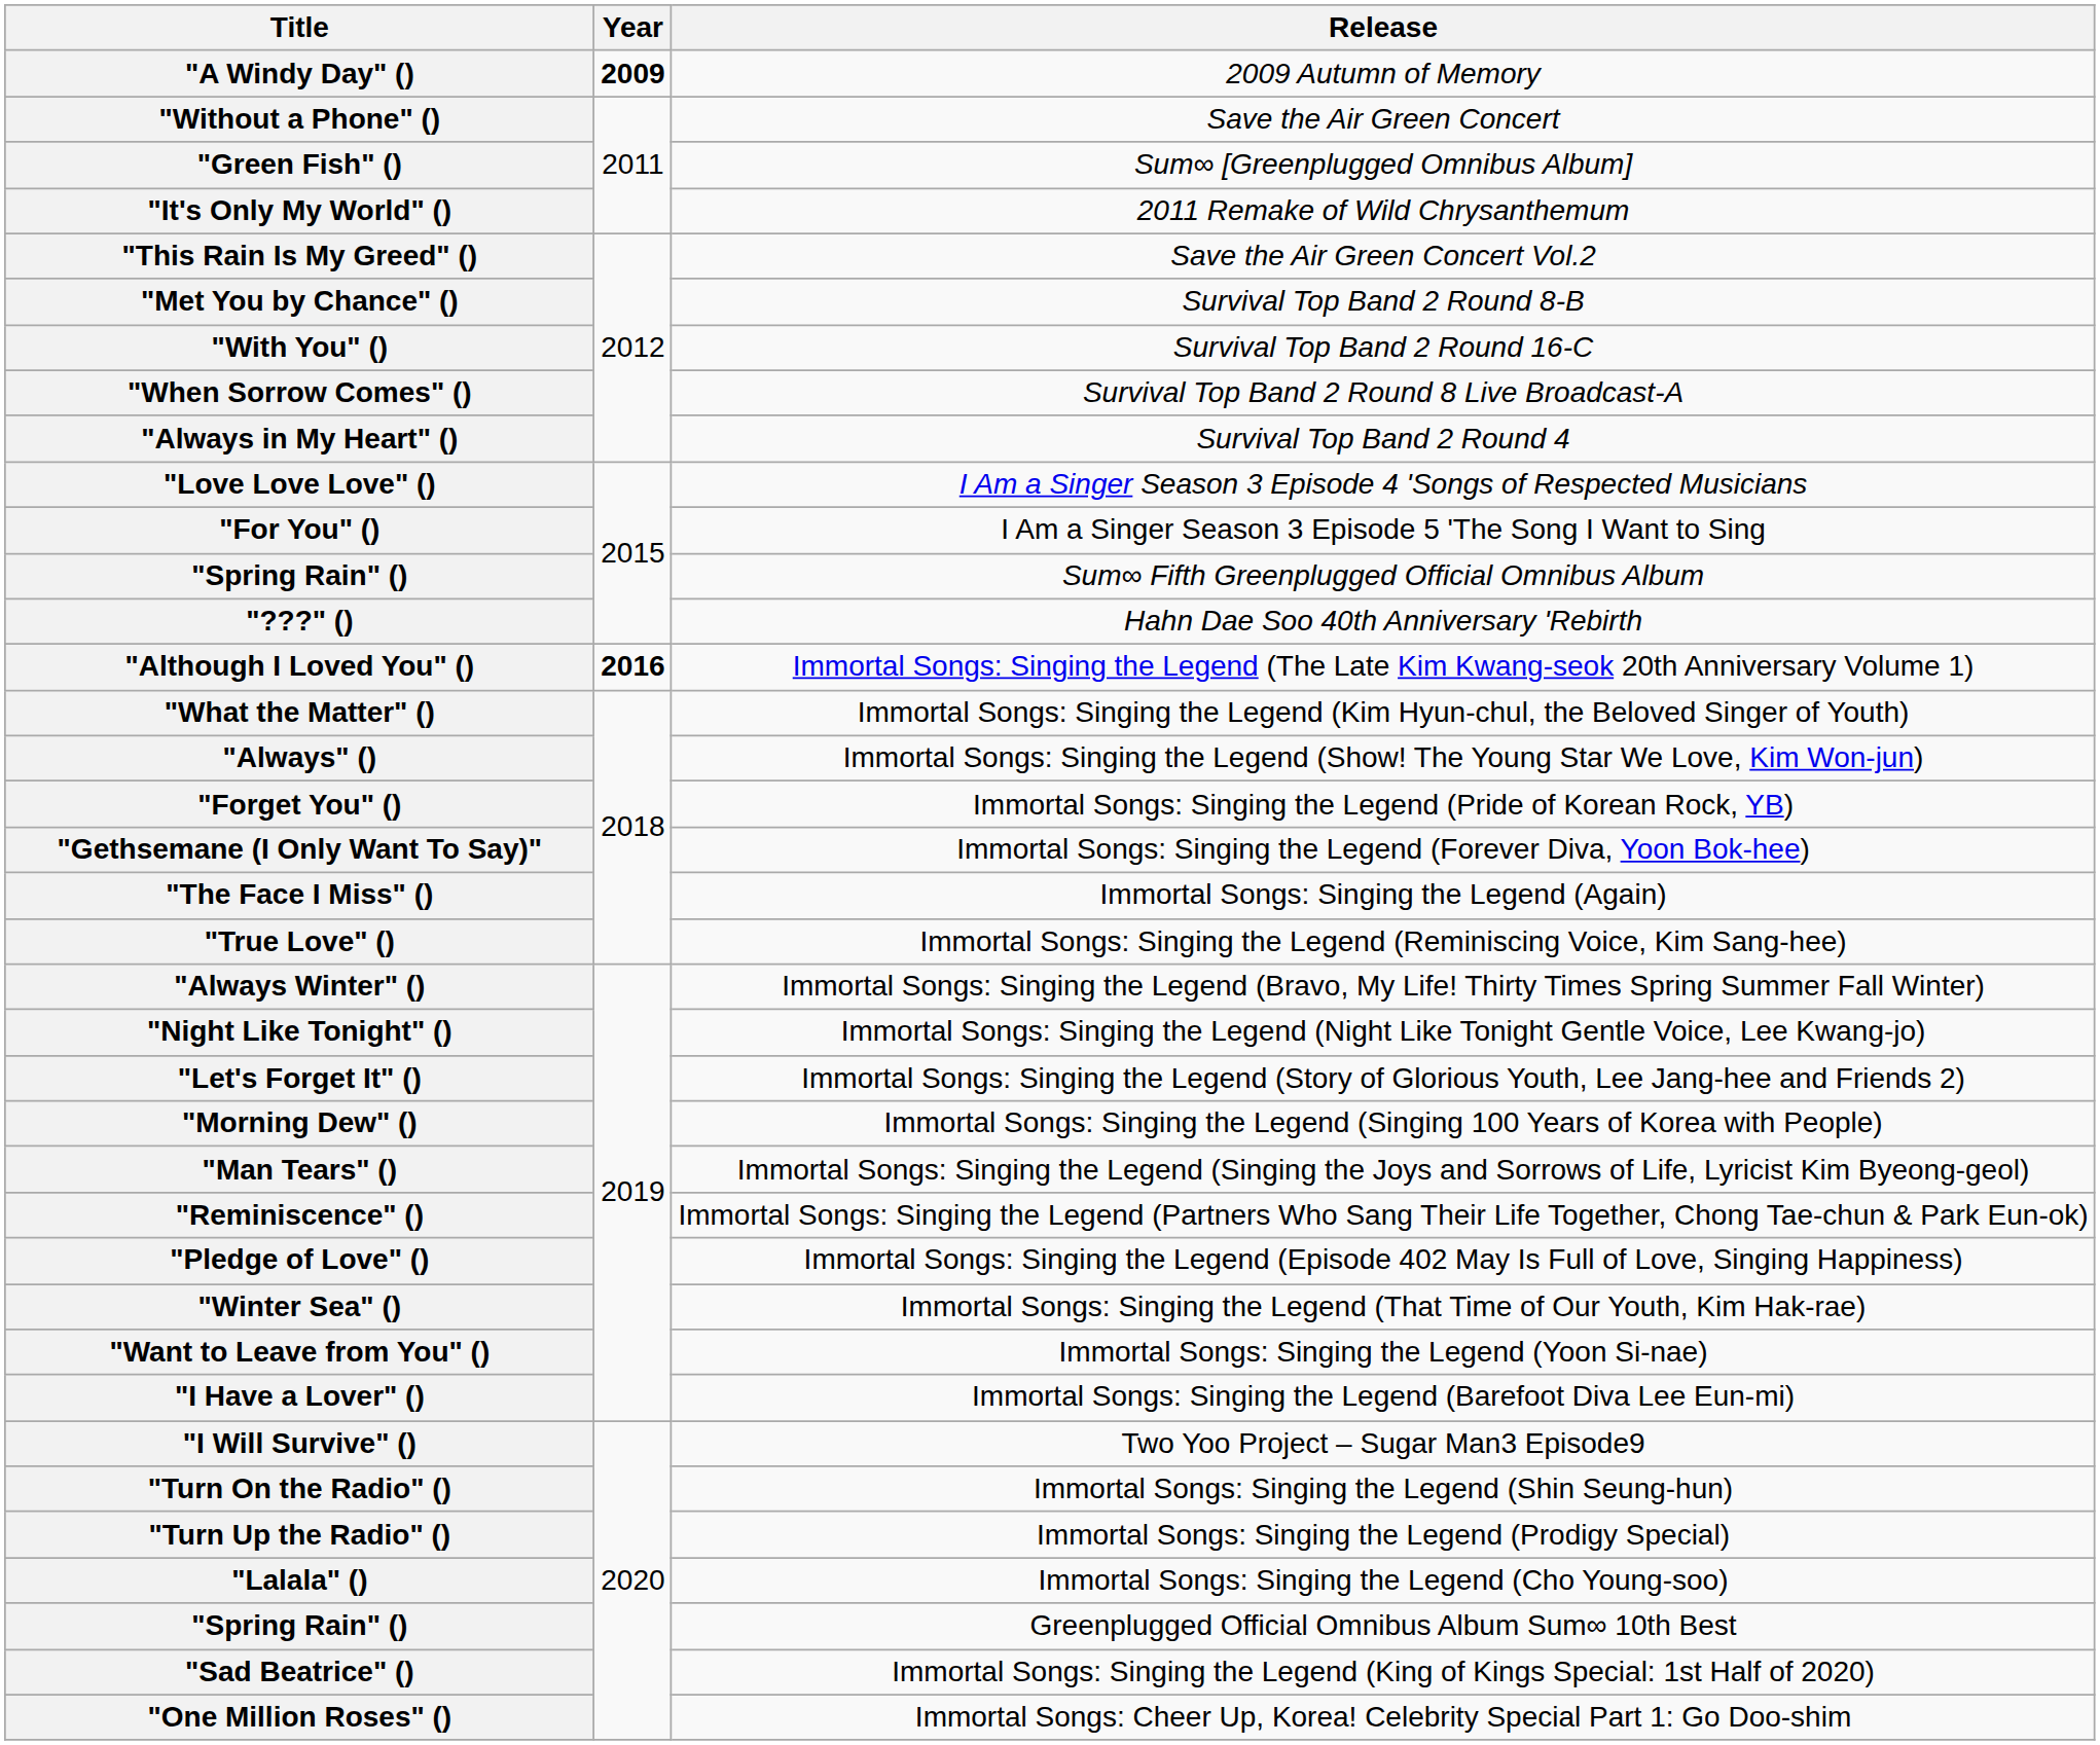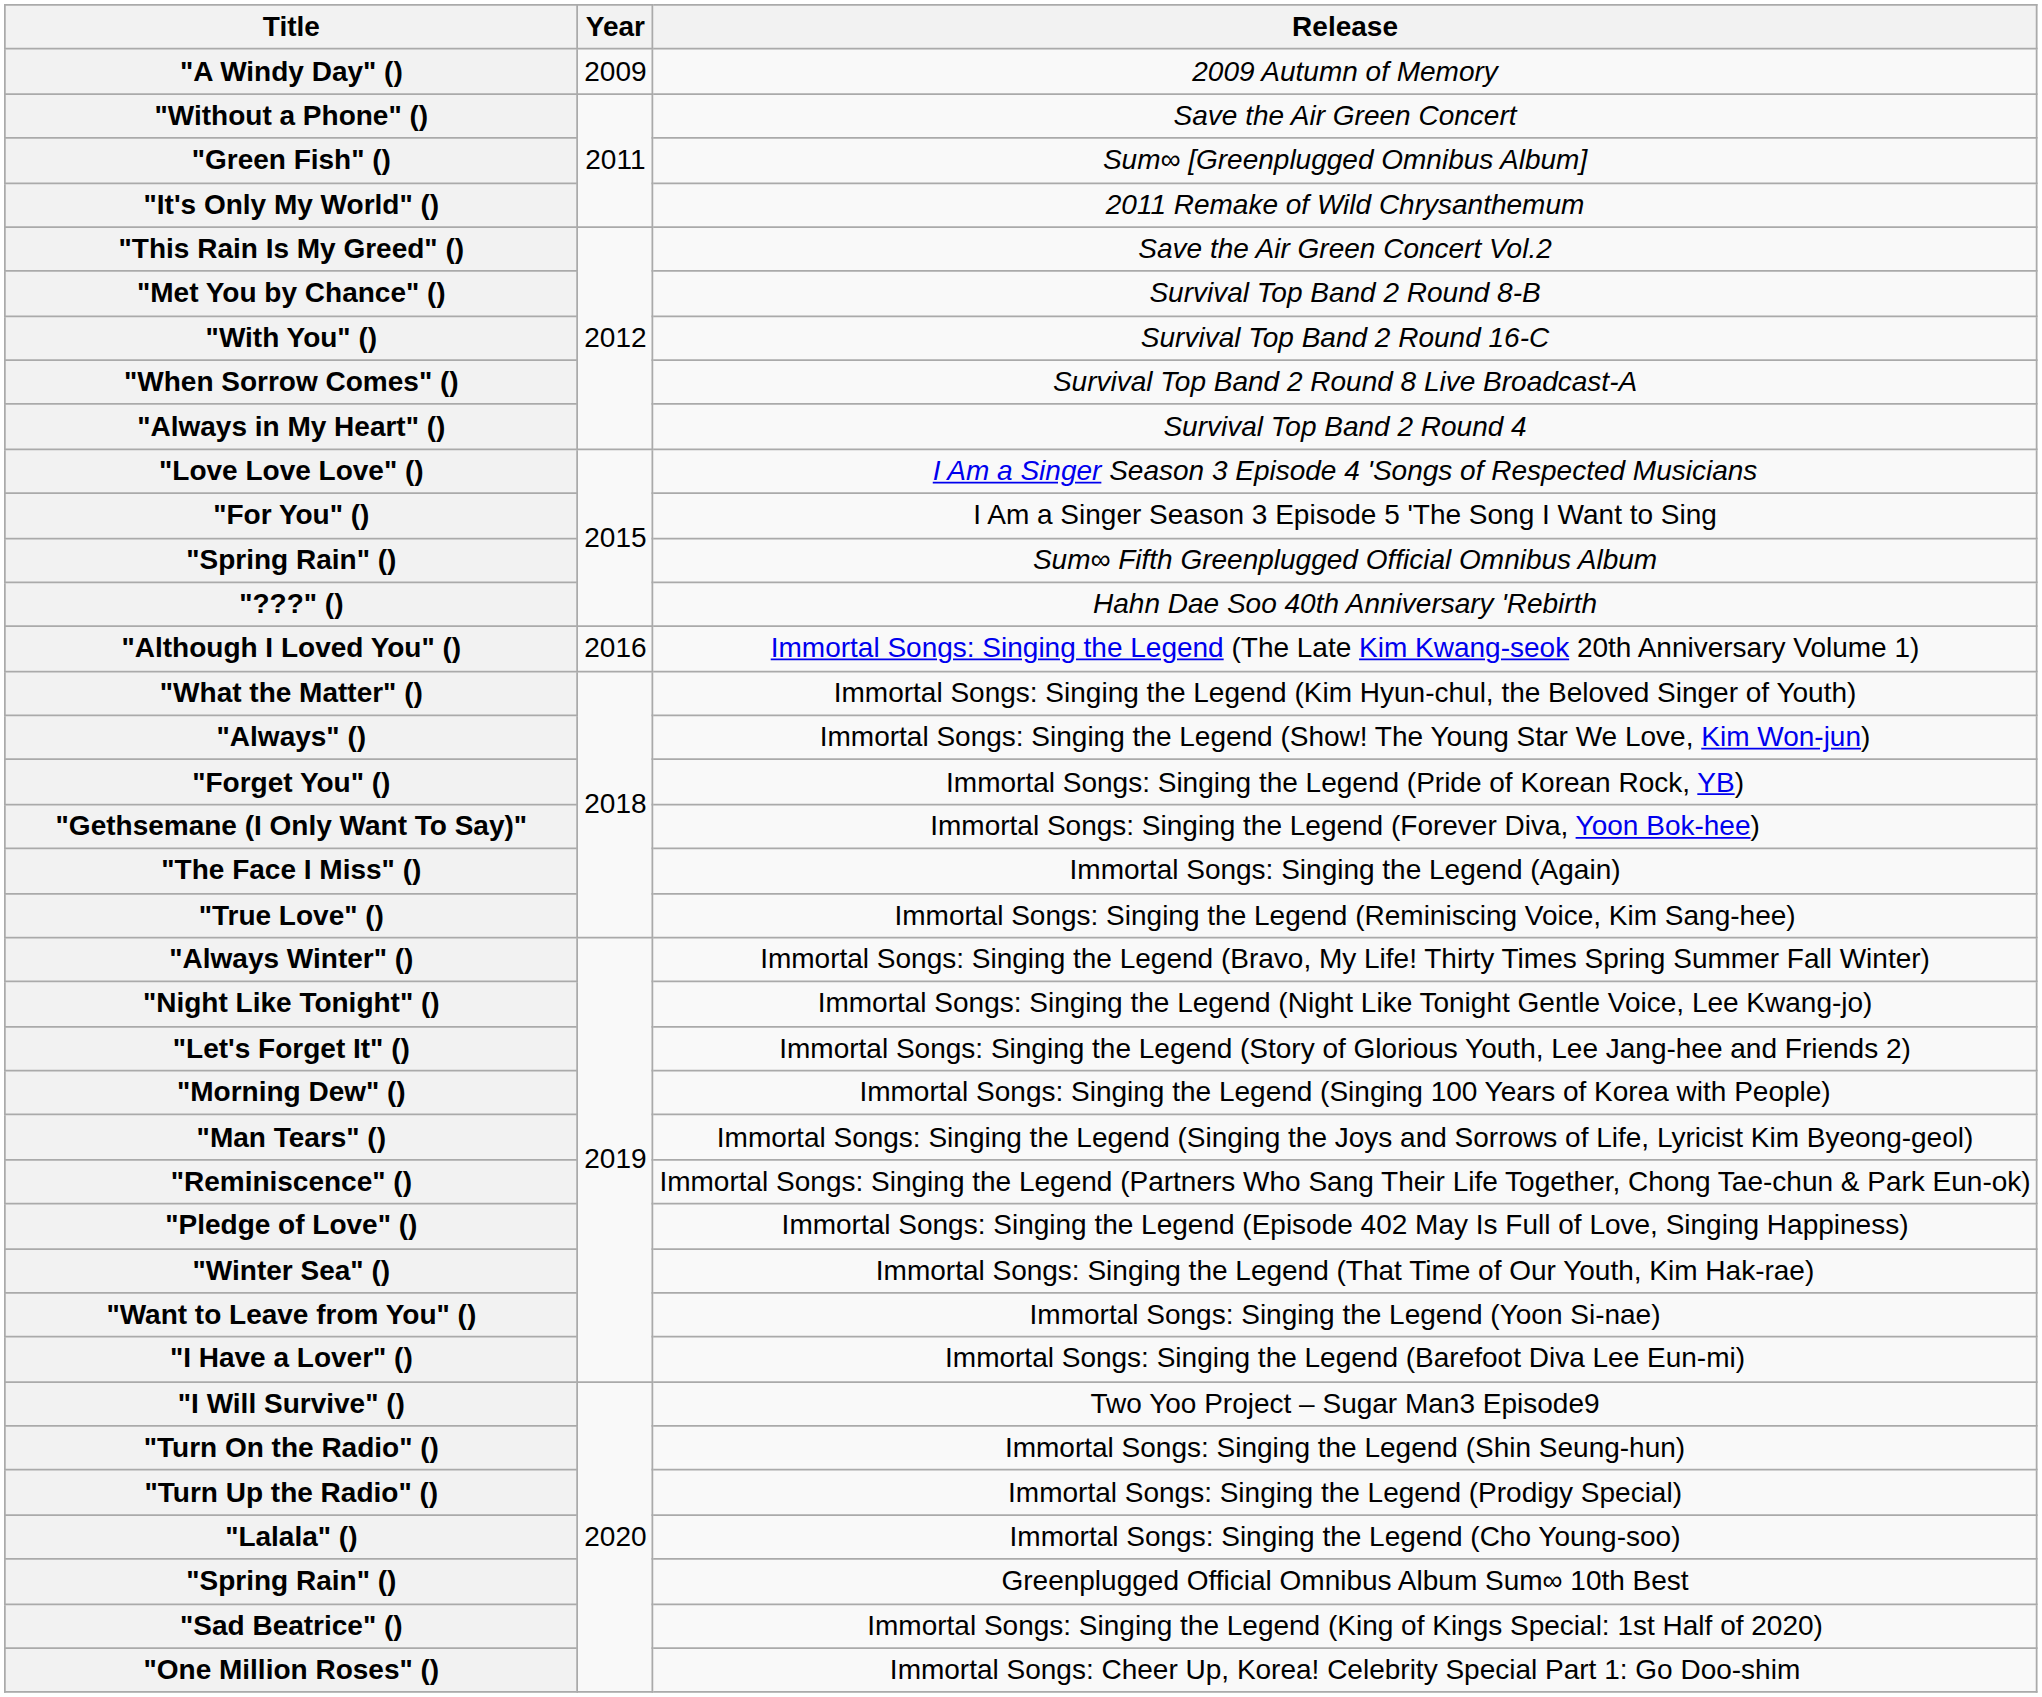 <table class="wikitable plainrowheaders" style="text-align:center;" border="1">
 <tr>
 <th scope="col" style="width:20em;">Title</th>
 <th scope="col">Year</th>
 <th scope="col">Release</th>
 </tr>
 <tr>
 <th scope="row">"A Windy Day" ()</th>
-<td><strong>2009</strong></td>
+<td>2009</td>
 <td><em>2009 Autumn of Memory</em></td>
 </tr>
 <tr>
 <th scope="row">"Without a Phone" ()</th>
 <td rowspan="3">2011</td>
 <td><em>Save the Air Green Concert</em></td>
 </tr>
 <tr>
 <th scope="row">"Green Fish" ()<br></th>
 <td><em>Sum∞ [Greenplugged Omnibus Album]</em></td>
 </tr>
 <tr>
 <th scope="row">"It's Only My World" ()</th>
 <td><em>2011 Remake of Wild Chrysanthemum</em></td>
 </tr>
 <tr>
 <th scope="row">"This Rain Is My Greed" ()</th>
 <td rowspan="5">2012</td>
 <td><em>Save the Air Green Concert Vol.2</em></td>
 </tr>
 <tr>
 <th scope="row">"Met You by Chance" ()</th>
 <td><em>Survival Top Band 2 Round 8-B</em></td>
 </tr>
 <tr>
 <th scope="row">"With You" ()</th>
 <td><em>Survival Top Band 2 Round 16-C</em></td>
 </tr>
 <tr>
 <th scope="row">"When Sorrow Comes" ()</th>
 <td><em>Survival Top Band 2 Round 8 Live Broadcast-A</em></td>
 </tr>
 <tr>
 <th scope="row">"Always in My Heart" ()</th>
 <td><em>Survival Top Band 2 Round 4</em></td>
 </tr>
 <tr>
 <th scope="row">"Love Love Love" ()</th>
 <td rowspan="4">2015</td>
 <td><em><a href='#'>I Am a Singer</a> Season 3 Episode 4 'Songs of Respected Musicians<strong></td>
 </tr>
 <tr>
 <th scope="row">"For You" ()</th>
 <td></em>I Am a Singer Season 3 Episode 5 'The Song I Want to Sing</strong></td>
 </tr>
 <tr>
 <th scope="row">"Spring Rain" ()</th>
 <td><em>Sum∞ Fifth Greenplugged Official Omnibus Album</em></td>
 </tr>
 <tr>
 <th scope="row">"???" ()</th>
 <td><em>Hahn Dae Soo 40th Anniversary 'Rebirth<strong></td>
 </tr>
 <tr>
 <th scope="row">"Although I Loved You" ()</th>
-<td><strong>2016</strong></td>
+<td>2016</td>
 <td></em><a href='#'>Immortal Songs: Singing the Legend</a> (The Late <a href='#'>Kim Kwang-seok</a> 20th Anniversary Volume 1)<em></td>
 </tr>
 <tr>
 <th scope="row">"What the Matter" ()</th>
 <td rowspan="6">2018</td>
 <td></em>Immortal Songs: Singing the Legend (Kim Hyun-chul, the Beloved Singer of Youth)<em></td>
 </tr>
 <tr>
 <th scope="row">"Always" ()</th>
 <td></em>Immortal Songs: Singing the Legend (Show! The Young Star We Love, <a href='#'>Kim Won-jun</a>)<em></td>
 </tr>
 <tr>
 <th scope="row">"Forget You" ()</th>
 <td></em>Immortal Songs: Singing the Legend (Pride of Korean Rock, <a href='#'>YB</a>)<em></td>
 </tr>
 <tr>
 <th scope="row">"Gethsemane (I Only Want To Say)"</th>
 <td></em>Immortal Songs: Singing the Legend (Forever Diva, <a href='#'>Yoon Bok-hee</a>)<em></td>
 </tr>
 <tr>
 <th scope="row">"The Face I Miss" ()</th>
 <td></em>Immortal Songs: Singing the Legend (Again)<em></td>
 </tr>
 <tr>
 <th scope="row">"True Love" ()</th>
 <td></em>Immortal Songs: Singing the Legend (Reminiscing Voice, Kim Sang-hee)<em></td>
 </tr>
 <tr>
 <th scope="row">"Always Winter" ()</th>
 <td rowspan="10">2019</td>
 <td></em>Immortal Songs: Singing the Legend (Bravo, My Life! Thirty Times Spring Summer Fall Winter)<em></td>
 </tr>
 <tr>
 <th scope="row">"Night Like Tonight" ()</th>
 <td></em>Immortal Songs: Singing the Legend (Night Like Tonight Gentle Voice, Lee Kwang-jo)<em></td>
 </tr>
 <tr>
 <th scope="row">"Let's Forget It" ()</th>
 <td></em>Immortal Songs: Singing the Legend (Story of Glorious Youth, Lee Jang-hee and Friends 2)<em></td>
 </tr>
 <tr>
 <th scope="row">"Morning Dew" ()</th>
 <td></em>Immortal Songs: Singing the Legend (Singing 100 Years of Korea with People)<em></td>
 </tr>
 <tr>
 <th scope="row">"Man Tears" ()</th>
 <td></em>Immortal Songs: Singing the Legend (Singing the Joys and Sorrows of Life, Lyricist Kim Byeong-geol)<em></td>
 </tr>
 <tr>
 <th scope="row">"Reminiscence" ()</th>
 <td></em>Immortal Songs: Singing the Legend (Partners Who Sang Their Life Together, Chong Tae-chun & Park Eun-ok)<em></td>
 </tr>
 <tr>
 <th scope="row">"Pledge of Love" ()</th>
 <td></em>Immortal Songs: Singing the Legend (Episode 402 May Is Full of Love, Singing Happiness)<em></td>
 </tr>
 <tr>
 <th scope="row">"Winter Sea" ()</th>
 <td></em>Immortal Songs: Singing the Legend (That Time of Our Youth, Kim Hak-rae)<em></td>
 </tr>
 <tr>
 <th scope="row">"Want to Leave from You" ()</th>
 <td></em>Immortal Songs: Singing the Legend (Yoon Si-nae)<em></td>
 </tr>
 <tr>
 <th scope="row">"I Have a Lover" ()</th>
 <td></em>Immortal Songs: Singing the Legend (Barefoot Diva Lee Eun-mi)<em></td>
 </tr>
 <tr>
 <th scope="row">"I Will Survive" ()</th>
 <td rowspan="7">2020</td>
 <td></em>Two Yoo Project – Sugar Man3 Episode9<em></td>
 </tr>
 <tr>
 <th scope="row">"Turn On the Radio" ()</th>
 <td></em>Immortal Songs: Singing the Legend (Shin Seung-hun)<em></td>
 </tr>
 <tr>
 <th scope="row">"Turn Up the Radio" ()<br></th>
 <td></em>Immortal Songs: Singing the Legend (Prodigy Special)<em></td>
 </tr>
 <tr>
 <th scope="row">"Lalala" ()</th>
 <td></em>Immortal Songs: Singing the Legend (Cho Young-soo)<em></td>
 </tr>
 <tr>
 <th scope="row">"Spring Rain" ()</th>
 <td></em>Greenplugged Official Omnibus Album Sum∞ 10th Best<em></td>
 </tr>
 <tr>
 <th scope="row">"Sad Beatrice" ()</th>
 <td></em>Immortal Songs: Singing the Legend (King of Kings Special: 1st Half of 2020)<em></td>
 </tr>
 <tr>
 <th scope="row">"One Million Roses" ()</th>
 <td></em>Immortal Songs: Cheer Up, Korea! Celebrity Special Part 1: Go Doo-shim<em></td>
 </tr>
 </table>
